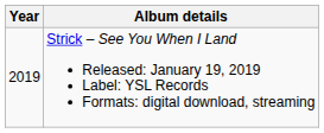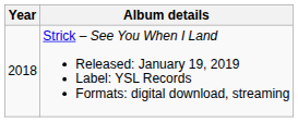 <table class="wikitable sortable">
 <tr>
 <th>Year</th>
 <th class="unsortable">Album details</th>
 </tr>
 <tr>
-<td style="text-align: center">2019</td>
+<td style="text-align: center">2018</td>
 <td><a href='#'>Strick</a> – <em>See You When I Land</em><br><ul><li>Released: January 19, 2019</li><li>Label: YSL Records</li><li>Formats: digital download, streaming</li></ul></td>
 </tr>
 </table>
